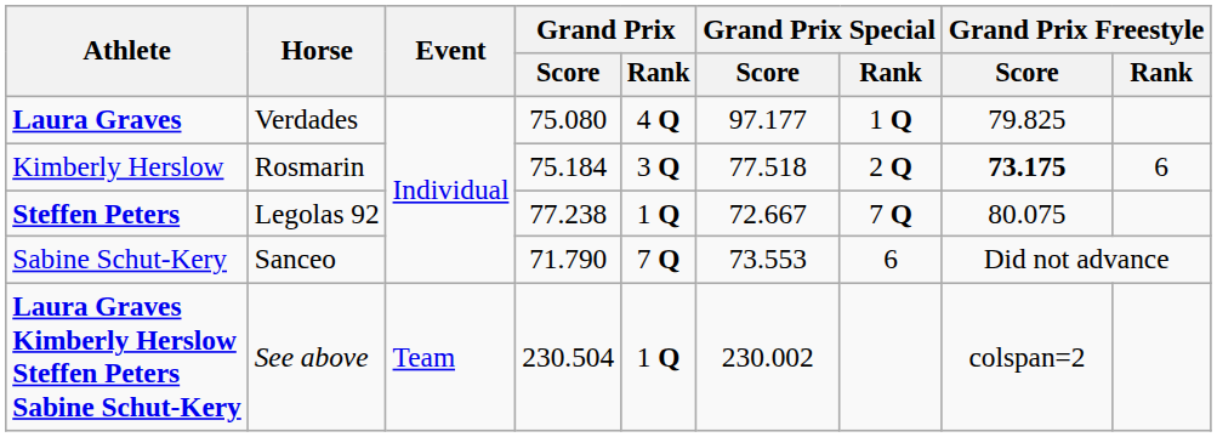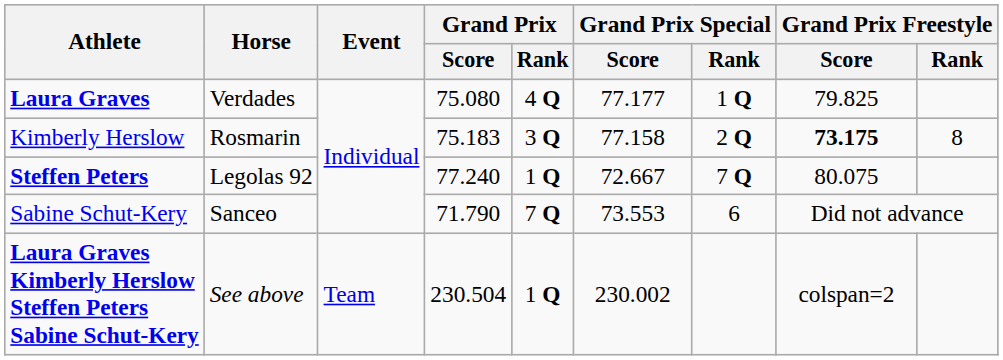 <table class=wikitable style="font-size:90%">
 <tr>
 <th rowspan=2>Athlete</th>
 <th rowspan=2>Horse</th>
 <th rowspan=2>Event</th>
 <th colspan=2>Grand Prix</th>
 <th colspan=2>Grand Prix Special</th>
 <th colspan=2>Grand Prix Freestyle</th>
 </tr>
 <tr style="font-size:95%">
 <th>Score</th>
 <th>Rank</th>
 <th>Score</th>
 <th>Rank</th>
 <th>Score</th>
 <th>Rank</th>
 </tr>
 <tr align=center>
 <td align=left><strong><a href='#'>Laura Graves</a></strong></td>
 <td align=left>Verdades</td>
 <td align=left rowspan=4><a href='#'>Individual</a></td>
 <td>75.080</td>
 <td>4 <strong>Q</strong></td>
-<td>97.177</td>
+<td>77.177</td>
 <td>1 <strong>Q</strong></td>
 <td>79.825</td>
 <td></td>
 </tr>
 <tr align=center>
 <td align=left><a href='#'>Kimberly Herslow</a></td>
 <td align=left>Rosmarin</td>
-<td>75.184</td>
+<td>75.183</td>
 <td>3 <strong>Q</strong></td>
-<td>77.518</td>
+<td>77.158</td>
 <td>2 <strong>Q</strong></td>
 <td><strong>73.175</strong></td>
-<td>6</td>
+<td>8</td>
 </tr>
 <tr align=center>
 <td align=left><strong><a href='#'>Steffen Peters</a></strong></td>
 <td align=left>Legolas 92</td>
-<td>77.238</td>
+<td>77.240</td>
 <td>1 <strong>Q</strong></td>
 <td>72.667</td>
 <td>7 <strong>Q</strong></td>
 <td>80.075</td>
 <td></td>
 </tr>
 <tr align=center>
 <td align=left><a href='#'>Sabine Schut-Kery</a></td>
 <td align=left>Sanceo</td>
 <td>71.790</td>
 <td>7 <strong>Q</strong></td>
 <td>73.553</td>
 <td>6</td>
 <td colspan=4>Did not advance</td>
 </tr>
 <tr align=center>
 <td align=left><strong><a href='#'>Laura Graves</a><br><a href='#'>Kimberly Herslow</a><br><a href='#'>Steffen Peters</a><br><a href='#'>Sabine Schut-Kery</a></strong></td>
 <td align=left><em>See above</em></td>
 <td align=left><a href='#'>Team</a></td>
 <td>230.504</td>
 <td>1 <strong>Q</strong></td>
 <td>230.002</td>
 <td></td>
 <td>colspan=2 </td>
 </tr>
 </table>
